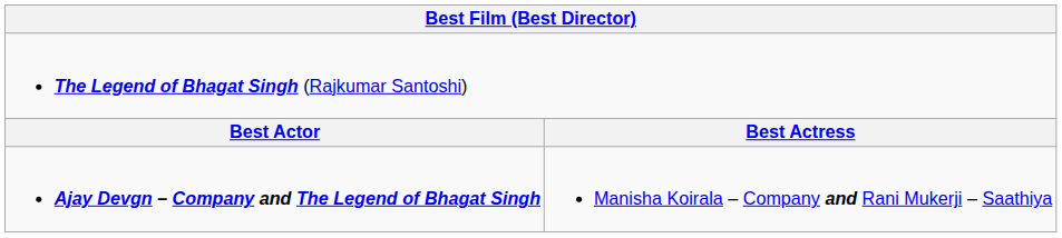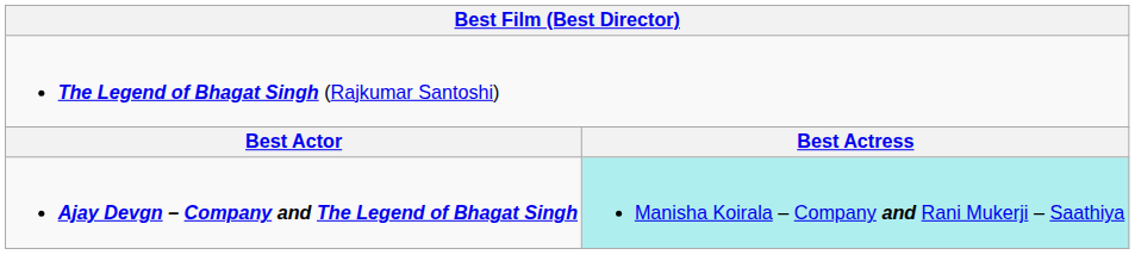 <table class="wikitable">
 <tr>
 <th colspan=2><a href='#'>Best Film (Best Director)</a></th>
 </tr>
 <tr>
 <td colspan=2><br><ul><li><strong><em><a href='#'>The Legend of Bhagat Singh</a></em></strong> (<a href='#'>Rajkumar Santoshi</a>)</li></ul></td>
 </tr>
 <tr>
 <th><a href='#'>Best Actor</a></th>
 <th><a href='#'>Best Actress</a></th>
 </tr>
 <tr>
 <td><br><ul><li><strong><em><a href='#'>Ajay Devgn</a> – <a href='#'>Company</a> and <a href='#'>The Legend of Bhagat Singh</a><em> <strong></li></ul></td>
-<td><br><ul><li></em></strong><a href='#'>Manisha Koirala</a> – <a href='#'>Company</a><strong><em> and </em></strong><a href='#'>Rani Mukerji</a> – <a href='#'>Saathiya</a><strong><em></li></ul></td>
+<td style="background: paleturquoise;"><br><ul><li></em></strong><a href='#'>Manisha Koirala</a> – <a href='#'>Company</a><strong><em> and </em></strong><a href='#'>Rani Mukerji</a> – <a href='#'>Saathiya</a><strong><em></li></ul></td>
 </tr>
 </table>
